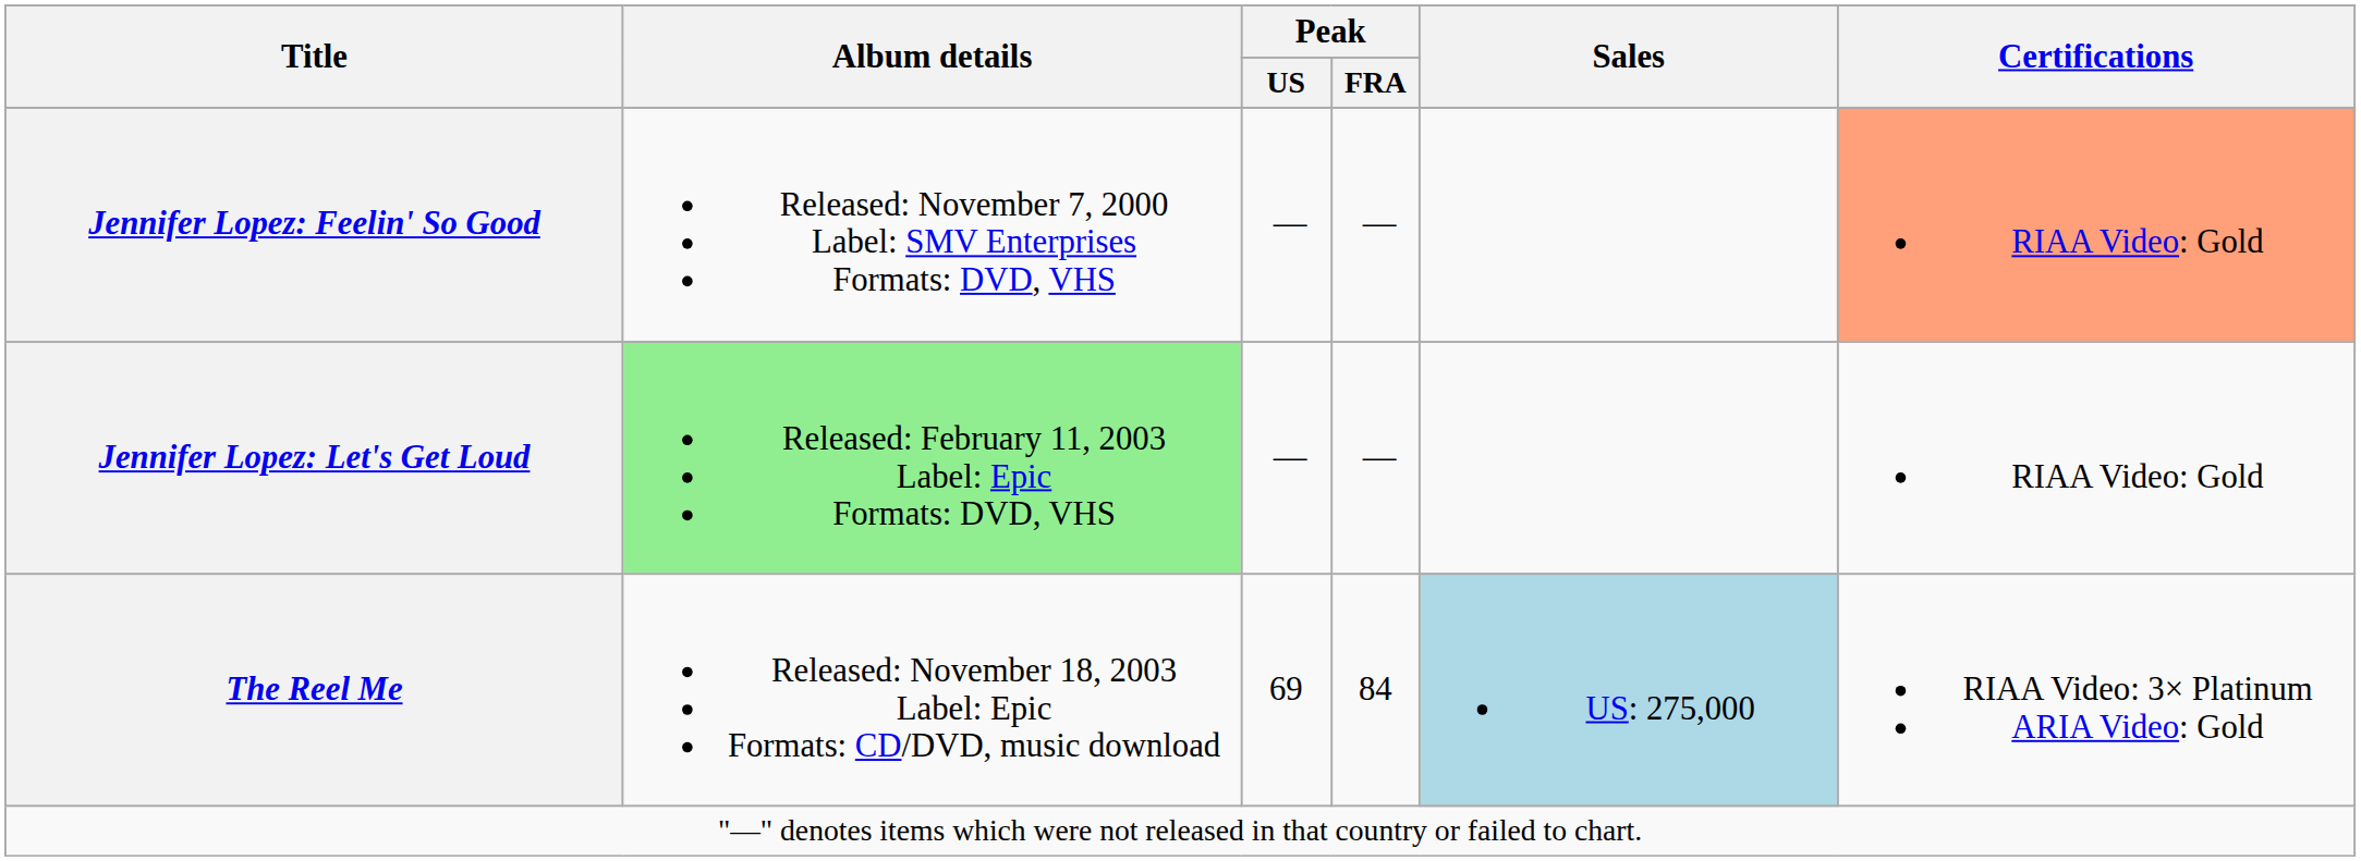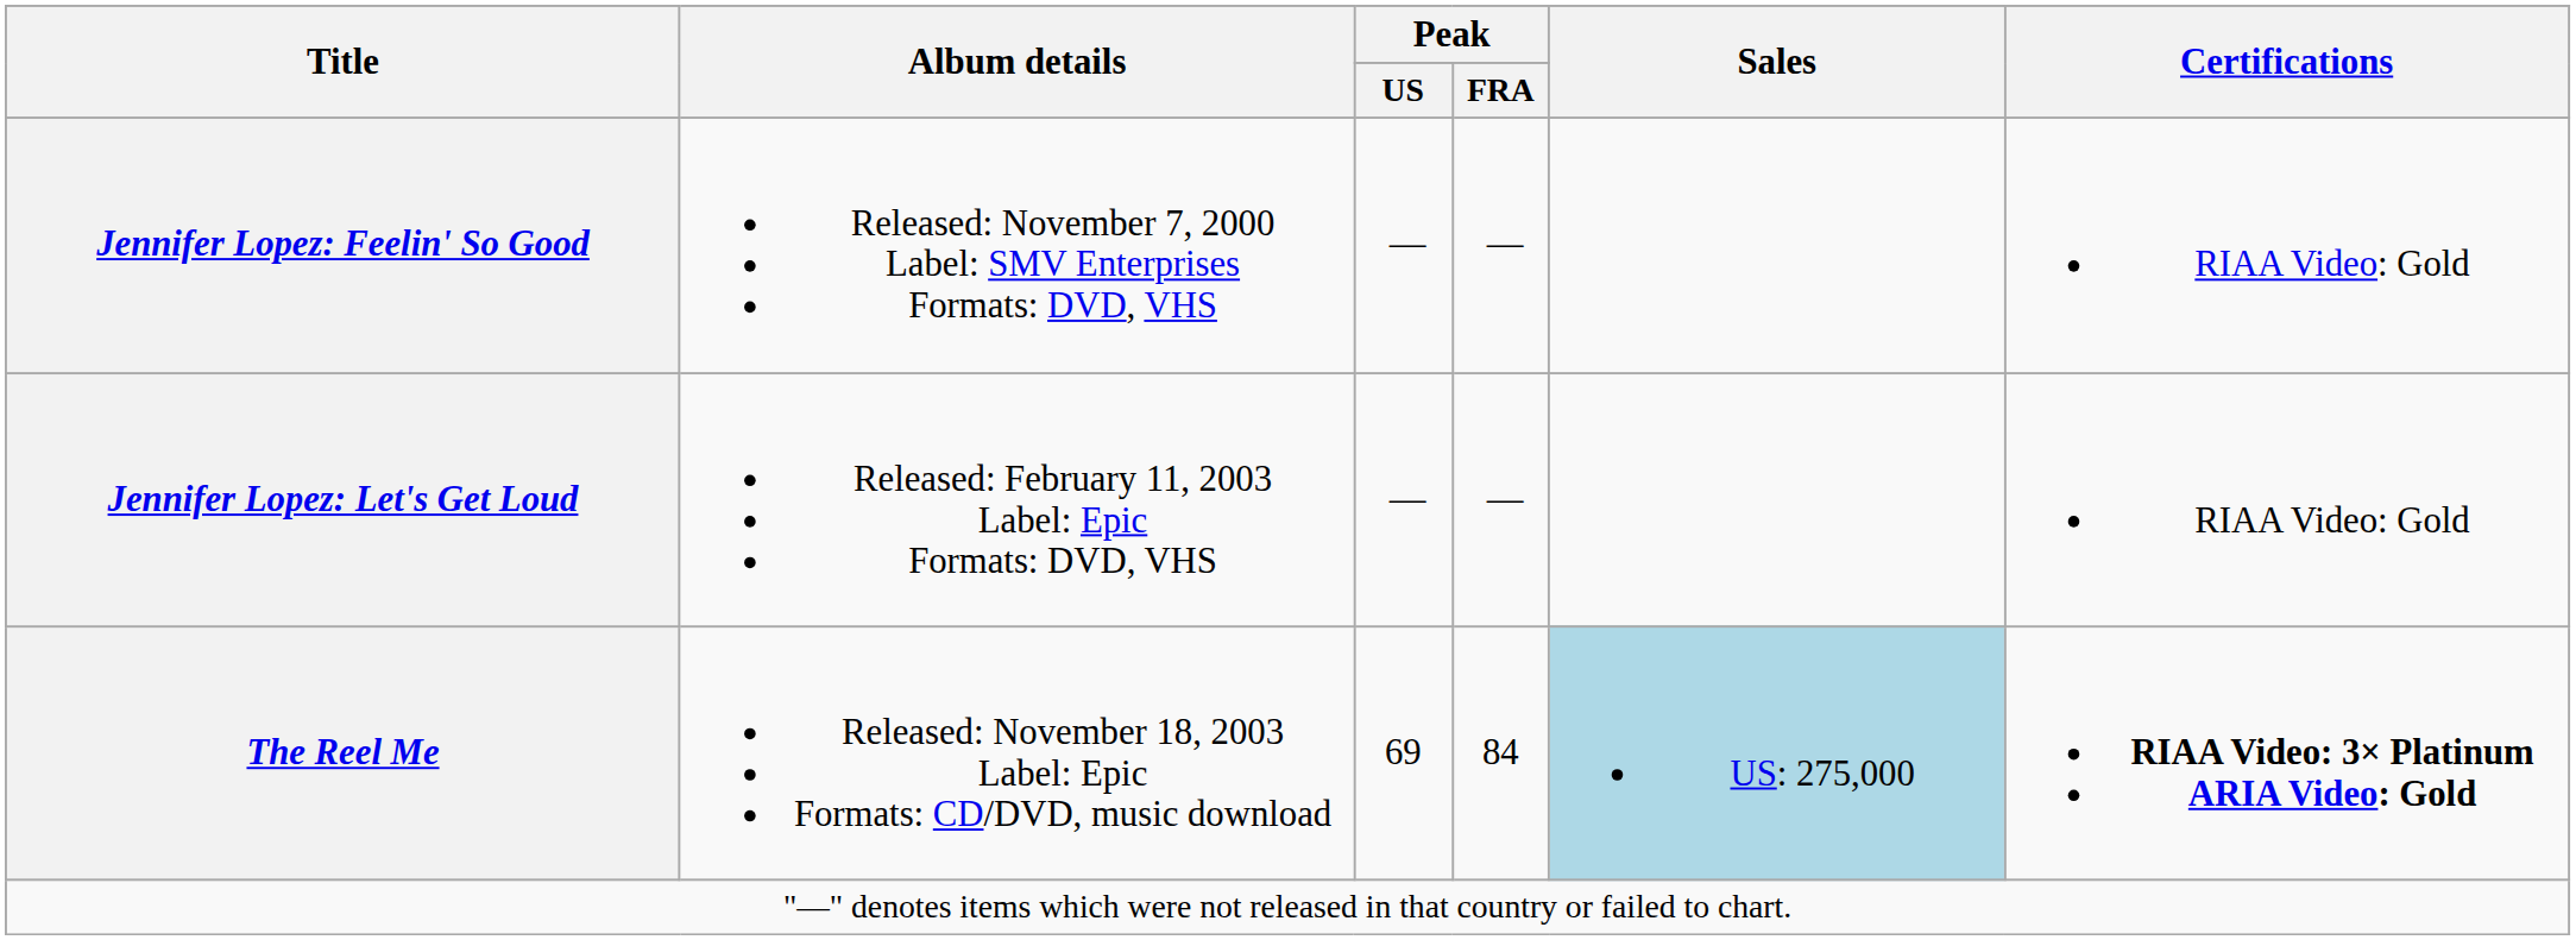 <table class="wikitable plainrowheaders" style="text-align:center;">
 <tr>
 <th scope="col" rowspan="2" style="width:18em;">Title</th>
 <th scope="col" rowspan="2" style="width:18em;">Album details</th>
 <th scope="col" colspan="2">Peak</th>
 <th scope="col" rowspan="2" style="width:12em;">Sales</th>
 <th scope="col" rowspan="2" style="width:15em;"><a href='#'>Certifications</a></th>
 </tr>
 <tr>
 <th scope="col" style="width:2.5em; font-size:90%;">US <br></th>
 <th scope="col" style="width:2.5em; font-size:90%;">FRA <br></th>
 </tr>
 <tr>
 <th scope="row"><em><a href='#'>Jennifer Lopez: Feelin' So Good</a></em></th>
 <td><br><ul><li>Released: November 7, 2000</li><li>Label: <a href='#'>SMV Enterprises</a></li><li>Formats: <a href='#'>DVD</a>, <a href='#'>VHS</a></li></ul></td>
 <td> —</td>
 <td> —</td>
 <td></td>
-<td style="background: lightsalmon;"><br><ul><li><a href='#'>RIAA Video</a>: Gold</li></ul></td>
+<td><br><ul><li><a href='#'>RIAA Video</a>: Gold</li></ul></td>
 </tr>
 <tr>
 <th scope="row"><em><a href='#'>Jennifer Lopez: Let's Get Loud</a></em></th>
-<td style="background: lightgreen;"><br><ul><li>Released: February 11, 2003</li><li>Label: <a href='#'>Epic</a></li><li>Formats: DVD, VHS</li></ul></td>
+<td><br><ul><li>Released: February 11, 2003</li><li>Label: <a href='#'>Epic</a></li><li>Formats: DVD, VHS</li></ul></td>
 <td> —</td>
 <td> —</td>
 <td></td>
 <td><br><ul><li>RIAA Video: Gold</li></ul></td>
 </tr>
 <tr>
 <th scope="row"><em><a href='#'>The Reel Me</a></em></th>
 <td><br><ul><li>Released: November 18, 2003</li><li>Label: Epic</li><li>Formats: <a href='#'>CD</a>/DVD, music download</li></ul></td>
 <td>69</td>
 <td>84</td>
 <td style="background: lightblue;"><br><ul><li><a href='#'>US</a>: 275,000</li></ul></td>
-<td><br><ul><li>RIAA Video: 3× Platinum</li><li><a href='#'>ARIA Video</a>: Gold</li></ul></td>
+<td><strong><br><ul><li>RIAA Video: 3× Platinum</li><li><a href='#'>ARIA Video</a>: Gold</li></ul></strong></td>
 </tr>
 <tr>
 <td colspan="14" style="font-size:90%">"—" denotes items which were not released in that country or failed to chart.</td>
 </tr>
 </table>
